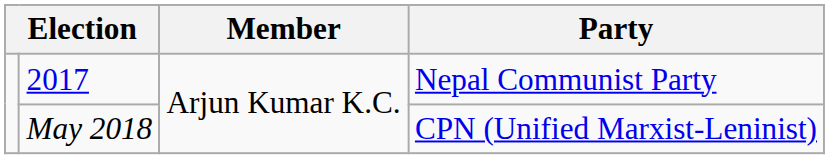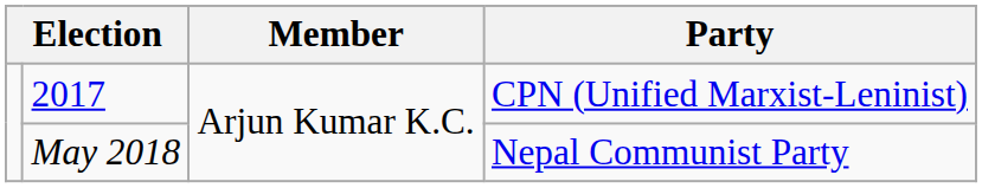 <table class="wikitable">
 <tr>
 <th colspan="2">Election</th>
 <th>Member</th>
 <th>Party</th>
 </tr>
 <tr>
 <td rowspan="2" style="background-color:"></td>
 <td><a href='#'>2017</a></td>
 <td rowspan="2">Arjun Kumar K.C.</td>
-<td><a href='#'>Nepal Communist Party</a></td>
+<td><a href='#'>CPN (Unified Marxist-Leninist)</a></td>
 </tr>
 <tr>
 <td><em>May 2018</em></td>
-<td><a href='#'>CPN (Unified Marxist-Leninist)</a></td>
+<td><a href='#'>Nepal Communist Party</a></td>
 </tr>
 </table>
